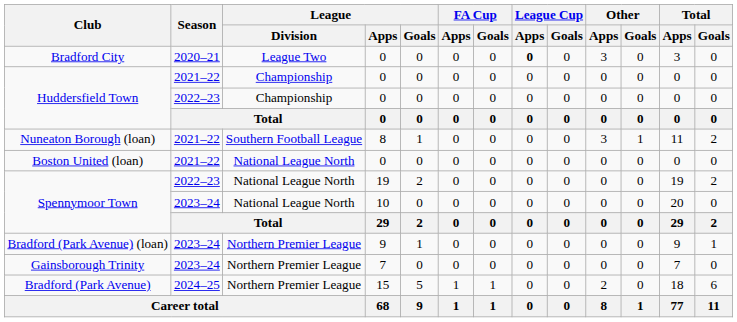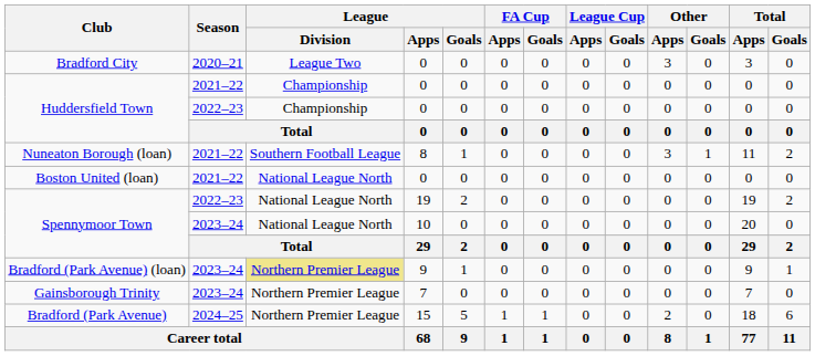 <table class=wikitable style="text-align: center">
 <tr>
 <th rowspan=2>Club</th>
 <th rowspan=2>Season</th>
 <th colspan=3>League</th>
 <th colspan=2><a href='#'>FA Cup</a></th>
 <th colspan=2><a href='#'>League Cup</a></th>
 <th colspan=2>Other</th>
 <th colspan=2>Total</th>
 </tr>
 <tr>
 <th>Division</th>
 <th>Apps</th>
 <th>Goals</th>
 <th>Apps</th>
 <th>Goals</th>
 <th>Apps</th>
 <th>Goals</th>
 <th>Apps</th>
 <th>Goals</th>
 <th>Apps</th>
 <th>Goals</th>
 </tr>
 <tr>
 <td><a href='#'>Bradford City</a></td>
 <td><a href='#'>2020–21</a></td>
 <td><a href='#'>League Two</a></td>
 <td>0</td>
 <td>0</td>
 <td>0</td>
 <td>0</td>
-<td><strong>0</strong></td>
+<td>0</td>
 <td>0</td>
 <td>3</td>
 <td>0</td>
 <td>3</td>
 <td>0</td>
 </tr>
 <tr>
 <td rowspan=3><a href='#'>Huddersfield Town</a></td>
 <td><a href='#'>2021–22</a></td>
 <td><a href='#'>Championship</a></td>
 <td>0</td>
 <td>0</td>
 <td>0</td>
 <td>0</td>
 <td>0</td>
 <td>0</td>
 <td>0</td>
 <td>0</td>
 <td>0</td>
 <td>0</td>
 </tr>
 <tr>
 <td><a href='#'>2022–23</a></td>
 <td>Championship</td>
 <td>0</td>
 <td>0</td>
 <td>0</td>
 <td>0</td>
 <td>0</td>
 <td>0</td>
 <td>0</td>
 <td>0</td>
 <td>0</td>
 <td>0</td>
 </tr>
 <tr>
 <th colspan="2">Total</th>
 <th>0</th>
 <th>0</th>
 <th>0</th>
 <th>0</th>
 <th>0</th>
 <th>0</th>
 <th>0</th>
 <th>0</th>
 <th>0</th>
 <th>0</th>
 </tr>
 <tr>
 <td><a href='#'>Nuneaton Borough</a> (loan)</td>
 <td><a href='#'>2021–22</a></td>
 <td><a href='#'>Southern Football League</a></td>
 <td>8</td>
 <td>1</td>
 <td>0</td>
 <td>0</td>
 <td>0</td>
 <td>0</td>
 <td>3</td>
 <td>1</td>
 <td>11</td>
 <td>2</td>
 </tr>
 <tr>
 <td><a href='#'>Boston United</a> (loan)</td>
 <td><a href='#'>2021–22</a></td>
 <td><a href='#'>National League North</a></td>
 <td>0</td>
 <td>0</td>
 <td>0</td>
 <td>0</td>
 <td>0</td>
 <td>0</td>
 <td>0</td>
 <td>0</td>
 <td>0</td>
 <td>0</td>
 </tr>
 <tr>
 <td rowspan=3><a href='#'>Spennymoor Town</a></td>
 <td><a href='#'>2022–23</a></td>
 <td>National League North</td>
 <td>19</td>
 <td>2</td>
 <td>0</td>
 <td>0</td>
 <td>0</td>
 <td>0</td>
 <td>0</td>
 <td>0</td>
 <td>19</td>
 <td>2</td>
 </tr>
 <tr>
 <td><a href='#'>2023–24</a></td>
 <td>National League North</td>
 <td>10</td>
 <td>0</td>
 <td>0</td>
 <td>0</td>
 <td>0</td>
 <td>0</td>
 <td>0</td>
 <td>0</td>
 <td>20</td>
 <td>0</td>
 </tr>
 <tr>
 <th colspan="2">Total</th>
 <th>29</th>
 <th>2</th>
 <th>0</th>
 <th>0</th>
 <th>0</th>
 <th>0</th>
 <th>0</th>
 <th>0</th>
 <th>29</th>
 <th>2</th>
 </tr>
 <tr>
 <td><a href='#'>Bradford (Park Avenue)</a> (loan)</td>
 <td><a href='#'>2023–24</a></td>
-<td><a href='#'>Northern Premier League</a></td>
+<td style="background: khaki;"><a href='#'>Northern Premier League</a></td>
 <td>9</td>
 <td>1</td>
 <td>0</td>
 <td>0</td>
 <td>0</td>
 <td>0</td>
 <td>0</td>
 <td>0</td>
 <td>9</td>
 <td>1</td>
 </tr>
 <tr>
 <td><a href='#'>Gainsborough Trinity</a></td>
 <td><a href='#'>2023–24</a></td>
 <td>Northern Premier League</td>
 <td>7</td>
 <td>0</td>
 <td>0</td>
 <td>0</td>
 <td>0</td>
 <td>0</td>
 <td>0</td>
 <td>0</td>
 <td>7</td>
 <td>0</td>
 </tr>
 <tr>
 <td><a href='#'>Bradford (Park Avenue)</a></td>
 <td><a href='#'>2024–25</a></td>
 <td>Northern Premier League</td>
 <td>15</td>
 <td>5</td>
 <td>1</td>
 <td>1</td>
 <td>0</td>
 <td>0</td>
 <td>2</td>
 <td>0</td>
 <td>18</td>
 <td>6</td>
 </tr>
 <tr>
 <th colspan=3>Career total</th>
 <th>68</th>
 <th>9</th>
 <th>1</th>
 <th>1</th>
 <th>0</th>
 <th>0</th>
 <th>8</th>
 <th>1</th>
 <th>77</th>
 <th>11</th>
 </tr>
 </table>
